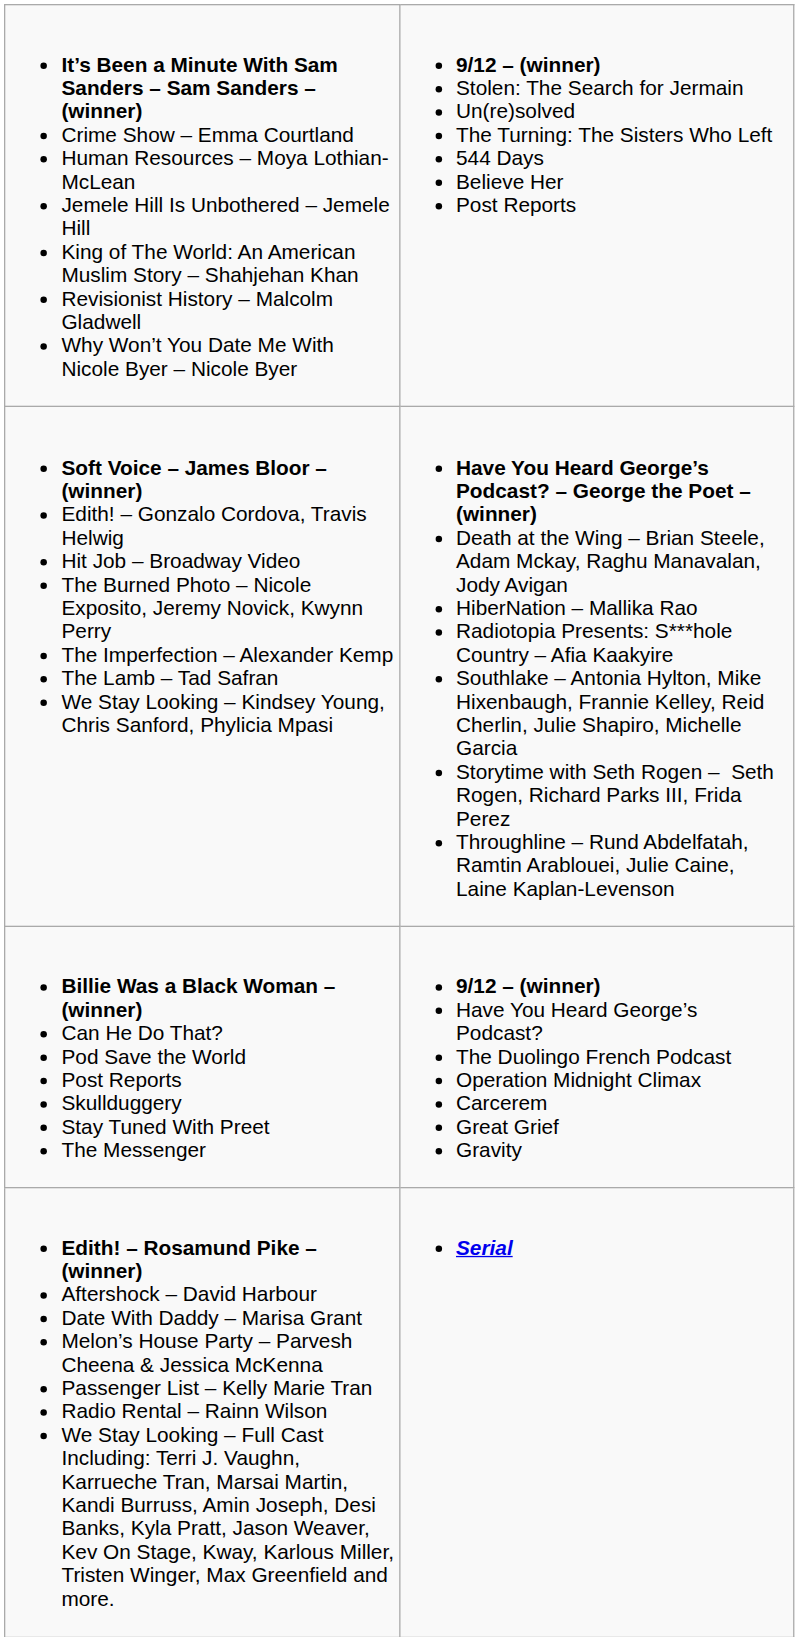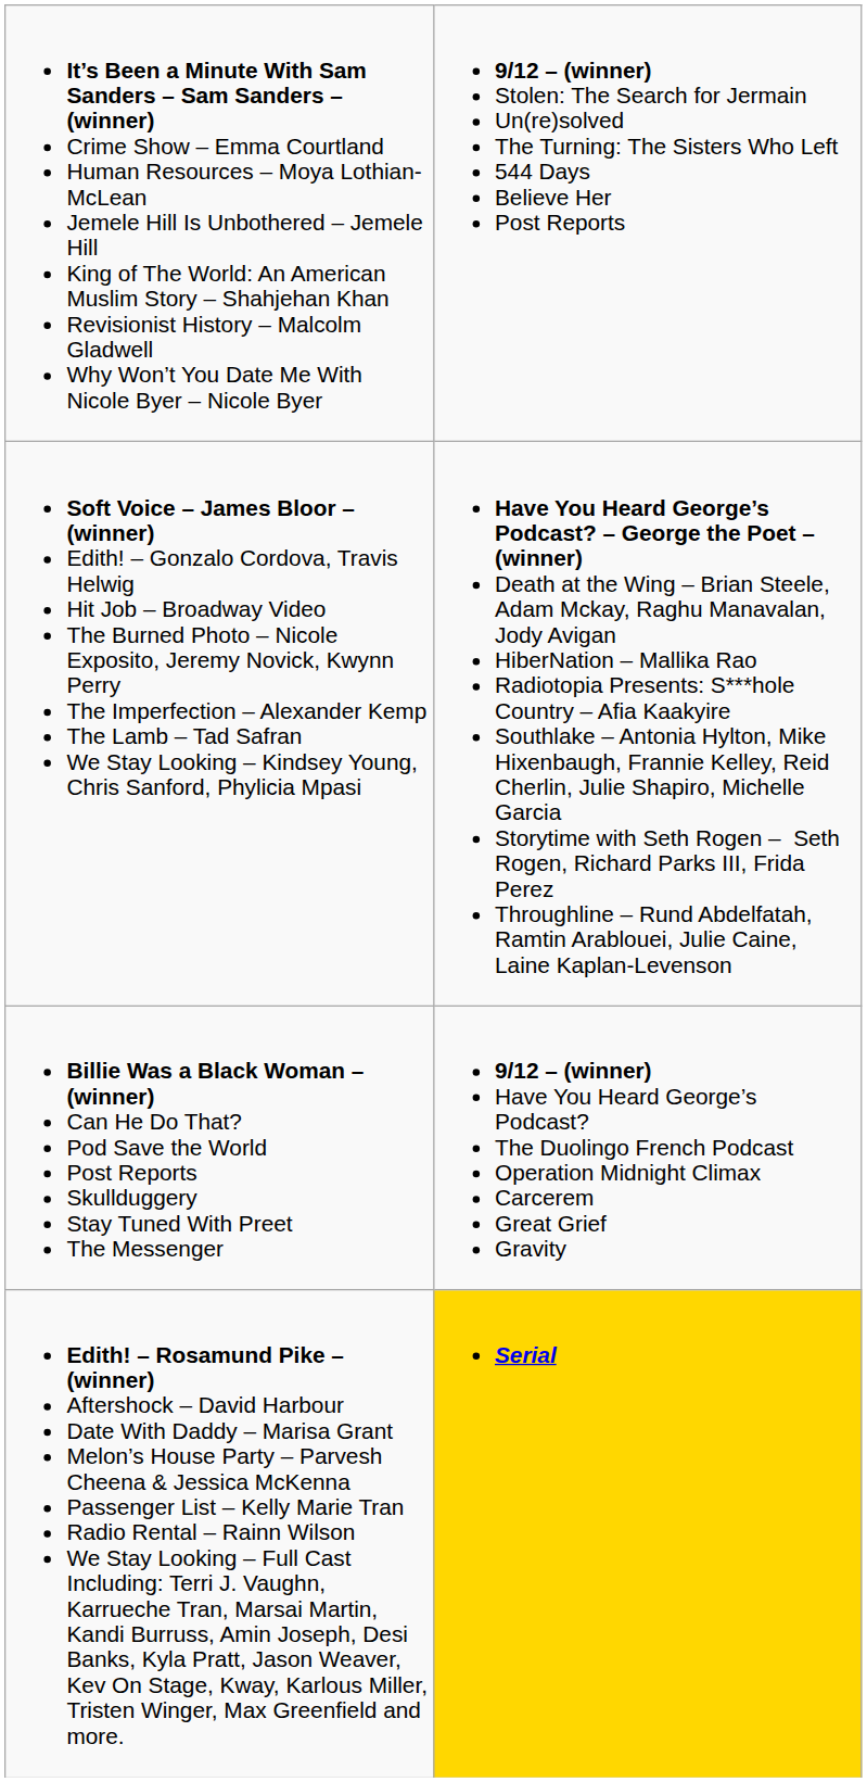 <table class="wikitable">
 <tr>
 <td style="vertical-align:top;" width="50%"><br><ul><li><strong>It’s Been a Minute With Sam Sanders – Sam Sanders – (winner)</strong></li><li>Crime Show – Emma Courtland</li><li>Human Resources – Moya Lothian-McLean</li><li>Jemele Hill Is Unbothered – Jemele Hill</li><li>King of The World: An American Muslim Story – Shahjehan Khan</li><li>Revisionist History – Malcolm Gladwell</li><li>Why Won’t You Date Me With Nicole Byer – Nicole Byer</li></ul></td>
 <td style="vertical-align:top;" width="50%"><br><ul><li><strong>9/12 – (winner)</strong></li><li>Stolen: The Search for Jermain</li><li>Un(re)solved</li><li>The Turning: The Sisters Who Left</li><li>544 Days</li><li>Believe Her</li><li>Post Reports</li></ul></td>
 </tr>
 <tr>
 <td style="vertical-align:top;" width="50%"><br><ul><li><strong>Soft Voice – James Bloor – (winner)</strong></li><li>Edith! – Gonzalo Cordova, Travis Helwig</li><li>Hit Job – Broadway Video</li><li>The Burned Photo – Nicole Exposito, Jeremy Novick, Kwynn Perry</li><li>The Imperfection – Alexander Kemp</li><li>The Lamb – Tad Safran</li><li>We Stay Looking – Kindsey Young, Chris Sanford, Phylicia Mpasi</li></ul></td>
 <td style="vertical-align:top;" width="50%"><br><ul><li><strong>Have You Heard George’s Podcast? – George the Poet – (winner)</strong></li><li>Death at the Wing – Brian Steele, Adam Mckay, Raghu Manavalan, Jody Avigan</li><li>HiberNation – Mallika Rao</li><li>Radiotopia Presents: S***hole Country – Afia Kaakyire</li><li>Southlake – Antonia Hylton, Mike Hixenbaugh, Frannie Kelley, Reid Cherlin, Julie Shapiro, Michelle Garcia</li><li>Storytime with Seth Rogen –  Seth Rogen, Richard Parks III, Frida Perez</li><li>Throughline – Rund Abdelfatah, Ramtin Arablouei, Julie Caine, Laine Kaplan-Levenson</li></ul></td>
 </tr>
 <tr>
 <td style="vertical-align:top;" width="50%"><br><ul><li><strong>Billie Was a Black Woman – (winner)</strong></li><li>Can He Do That?</li><li>Pod Save the World</li><li>Post Reports</li><li>Skullduggery</li><li>Stay Tuned With Preet</li><li>The Messenger</li></ul></td>
 <td style="vertical-align:top;" width="50%"><br><ul><li><strong>9/12 – (winner)</strong></li><li>Have You Heard George’s Podcast?</li><li>The Duolingo French Podcast</li><li>Operation Midnight Climax</li><li>Carcerem</li><li>Great Grief</li><li>Gravity</li></ul></td>
 </tr>
 <tr>
 <td style="vertical-align:top;" width="50%"><br><ul><li><strong>Edith! – Rosamund Pike – (winner)</strong></li><li>Aftershock – David Harbour</li><li>Date With Daddy – Marisa Grant</li><li>Melon’s House Party – Parvesh Cheena & Jessica McKenna</li><li>Passenger List – Kelly Marie Tran</li><li>Radio Rental – Rainn Wilson</li><li>We Stay Looking – Full Cast Including: Terri J. Vaughn, Karrueche Tran, Marsai Martin, Kandi Burruss, Amin Joseph, Desi Banks, Kyla Pratt, Jason Weaver, Kev On Stage, Kway, Karlous Miller, Tristen Winger, Max Greenfield and more.</li></ul></td>
-<td style="vertical-align:top;" width="50%"><br><ul><li><strong><em><a href='#'>Serial</a></em></strong></li></ul></td>
+<td style="background: gold; vertical-align:top;" width="50%"><br><ul><li><strong><em><a href='#'>Serial</a></em></strong></li></ul></td>
 </tr>
 </table>
